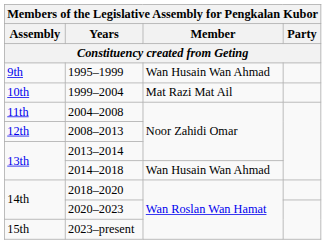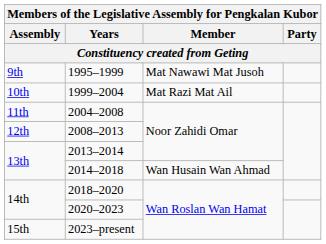 <table class=wikitable>
 <tr>
 <th colspan=4>Members of the Legislative Assembly for Pengkalan Kubor</th>
 </tr>
 <tr>
 <th>Assembly</th>
 <th>Years</th>
 <th>Member</th>
 <th>Party</th>
 </tr>
 <tr>
 <th colspan=4 align=center><em>Constituency created from Geting</em></th>
 </tr>
 <tr>
 <td><a href='#'>9th</a></td>
 <td>1995–1999</td>
-<td>Wan Husain Wan Ahmad</td>
+<td>Mat Nawawi Mat Jusoh</td>
 <td></td>
 </tr>
 <tr>
 <td><a href='#'>10th</a></td>
 <td>1999–2004</td>
 <td>Mat Razi Mat Ail</td>
 <td></td>
 </tr>
 <tr>
 <td><a href='#'>11th</a></td>
 <td>2004–2008</td>
 <td rowspan=3>Noor Zahidi Omar</td>
 <td rowspan=4></td>
 </tr>
 <tr>
 <td><a href='#'>12th</a></td>
 <td>2008–2013</td>
 </tr>
 <tr>
 <td rowspan=2><a href='#'>13th</a></td>
 <td>2013–2014</td>
 </tr>
 <tr>
 <td>2014–2018</td>
 <td>Wan Husain Wan Ahmad</td>
 </tr>
 <tr>
 <td rowspan="2">14th</td>
 <td>2018–2020</td>
 <td rowspan="3"><a href='#'>Wan Roslan Wan Hamat</a></td>
 <td></td>
 </tr>
 <tr>
 <td>2020–2023</td>
 <td rowspan="2"></td>
 </tr>
 <tr>
 <td>15th</td>
 <td>2023–present</td>
 </tr>
 </table>
